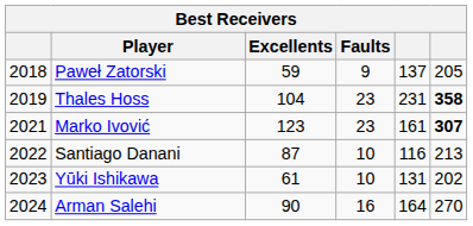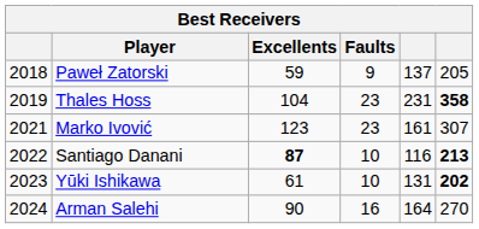 <table class="wikitable sortable" style=font-size:90%>
 <tr>
 <th colspan=7>Best Receivers</th>
 </tr>
 <tr>
 <th></th>
 <th width=158>Player</th>
 <th width=20>Excellents</th>
 <th width=20>Faults</th>
 <th width=20></th>
 <th width=20></th>
 </tr>
 <tr>
 <td>2018</td>
 <td> <a href='#'>Paweł Zatorski</a></td>
 <td align=center>59</td>
 <td align=center>9</td>
 <td align=center>137</td>
 <td align=center>205</td>
 </tr>
 <tr>
 <td>2019</td>
 <td> <a href='#'>Thales Hoss</a></td>
 <td align=center>104</td>
 <td align=center>23</td>
 <td align=center>231</td>
 <td align=center><strong>358</strong></td>
 </tr>
 <tr>
 <td>2021</td>
 <td> <a href='#'>Marko Ivović</a></td>
 <td align=center>123</td>
 <td align=center>23</td>
 <td align=center>161</td>
-<td align=center><strong>307</strong></td>
+<td align=center>307</td>
 </tr>
 <tr>
 <td>2022</td>
 <td> Santiago Danani</td>
-<td align=center>87</td>
+<td align=center><strong>87</strong></td>
 <td align=center>10</td>
 <td align=center>116</td>
-<td align=center>213</td>
+<td align=center><strong>213</strong></td>
 </tr>
 <tr>
 <td>2023</td>
 <td> <a href='#'>Yūki Ishikawa</a></td>
 <td align=center>61</td>
 <td align=center>10</td>
 <td align=center>131</td>
-<td align=center>202</td>
+<td align=center><strong>202</strong></td>
 </tr>
 <tr>
 <td>2024</td>
 <td> <a href='#'>Arman Salehi</a></td>
 <td align=center>90</td>
 <td align=center>16</td>
 <td align=center>164</td>
 <td align=center>270</td>
 </tr>
 </table>
